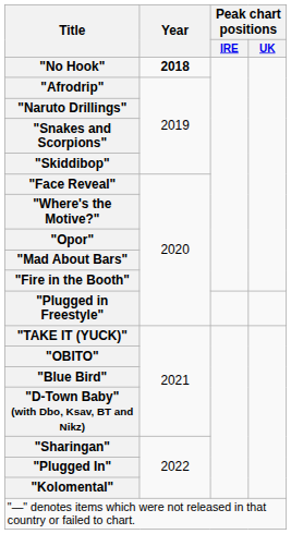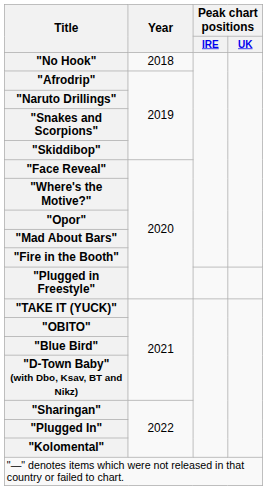 <table class="wikitable plainrowheaders">
 <tr>
 <th scope="col" rowspan="2" style="width:10em;">Title</th>
 <th scope="col" rowspan="2" style="width:5em;">Year</th>
 <th scope="col" colspan="2">Peak chart positions</th>
 </tr>
 <tr>
 <th scope="col" style="width:3em;font-size:85%;"><a href='#'>IRE</a><br></th>
 <th scope="col" style="width:3em;font-size:85%;"><a href='#'>UK</a><br></th>
 </tr>
 <tr>
 <th scope="row">"No Hook" </th>
-<td style="text-align:center;"><strong>2018</strong></td>
+<td style="text-align:center;">2018</td>
 <td rowspan="10"></td>
 <td rowspan="10"></td>
 </tr>
 <tr>
 <th scope="row">"Afrodrip"</th>
 <td rowspan="4" style="text-align:center;">2019</td>
 </tr>
 <tr>
 <th scope="row">"Naruto Drillings"<br></th>
 </tr>
 <tr>
 <th scope="row">"Snakes and Scorpions"</th>
 </tr>
 <tr>
 <th scope="row">"Skiddibop"<br></th>
 </tr>
 <tr>
 <th scope="row">"Face Reveal"</th>
 <td rowspan="6" style="text-align:center;">2020</td>
 </tr>
 <tr>
 <th scope="row">"Where's the Motive?"<br></th>
 </tr>
 <tr>
 <th scope="row">"Opor"</th>
 </tr>
 <tr>
 <th scope="row">"Mad About Bars"</th>
 </tr>
 <tr>
 <th scope="row">"Fire in the Booth"</th>
 </tr>
 <tr>
 <th scope="row">"Plugged in Freestyle"<br></th>
 <td></td>
 <td></td>
 </tr>
 <tr>
 <th scope="row">"TAKE IT (YUCK)"<br></th>
 <td rowspan="4" style="text-align:center;">2021</td>
 <td rowspan="7"></td>
 <td rowspan="7"></td>
 </tr>
 <tr>
 <th scope="row">"OBITO"</th>
 </tr>
 <tr>
 <th scope="row">"Blue Bird"</th>
 </tr>
 <tr>
 <th scope="row">"D-Town Baby"<br><small>(with Dbo, Ksav, BT and Nikz)</small></th>
 </tr>
 <tr>
 <th scope="row">"Sharingan"</th>
 <td style="text-align:center;" rowspan="3">2022</td>
 </tr>
 <tr>
 <th scope="row">"Plugged In"<br></th>
 </tr>
 <tr>
 <th scope="row">"Kolomental"<br></th>
 </tr>
 <tr>
 <td colspan="4" style="font-size:90%;">"—" denotes items which were not released in that country or failed to chart.</td>
 </tr>
 </table>
